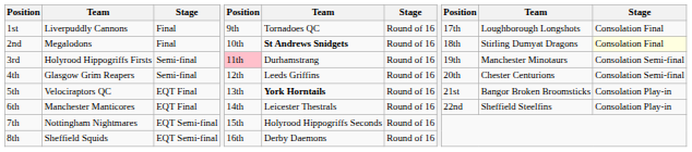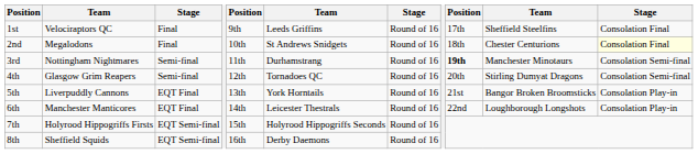 <table class="wikitable" style="font-size:90%;border: none;">
 <tr>
 <th>Position</th>
 <th>Team</th>
 <th>Stage</th>
 <th rowspan="9" style="border: none;"></th>
 <th>Position</th>
 <th>Team</th>
 <th>Stage</th>
 <th rowspan="9" style="border: none;"></th>
 <th>Position</th>
 <th>Team</th>
 <th>Stage</th>
 </tr>
 <tr>
 <td>1st</td>
-<td>Liverpuddly Cannons</td>
+<td>Velociraptors QC</td>
 <td>Final</td>
 <td>9th</td>
-<td>Tornadoes QC</td>
+<td>Leeds Griffins</td>
 <td>Round of 16</td>
 <td>17th</td>
-<td>Loughborough Longshots</td>
+<td>Sheffield Steelfins</td>
 <td>Consolation Final</td>
 </tr>
 <tr>
 <td>2nd</td>
 <td>Megalodons</td>
 <td>Final</td>
 <td>10th</td>
-<td><strong>St Andrews Snidgets</strong></td>
+<td>St Andrews Snidgets</td>
 <td>Round of 16</td>
 <td>18th</td>
-<td>Stirling Dumyat Dragons</td>
+<td>Chester Centurions</td>
 <td style="background: lightyellow;">Consolation Final</td>
 </tr>
 <tr>
 <td>3rd</td>
-<td>Holyrood Hippogriffs Firsts</td>
+<td>Nottingham Nightmares</td>
 <td>Semi-final</td>
-<td style="background: pink;">11th</td>
+<td>11th</td>
 <td>Durhamstrang</td>
 <td>Round of 16</td>
-<td>19th</td>
+<td><strong>19th</strong></td>
 <td>Manchester Minotaurs</td>
 <td>Consolation Semi-final</td>
 </tr>
 <tr>
 <td>4th</td>
 <td>Glasgow Grim Reapers</td>
 <td>Semi-final</td>
 <td>12th</td>
-<td>Leeds Griffins</td>
+<td>Tornadoes QC</td>
 <td>Round of 16</td>
 <td>20th</td>
-<td>Chester Centurions</td>
+<td>Stirling Dumyat Dragons</td>
 <td>Consolation Semi-final</td>
 </tr>
 <tr>
 <td>5th</td>
-<td>Velociraptors QC</td>
+<td>Liverpuddly Cannons</td>
 <td>EQT Final</td>
 <td>13th</td>
-<td><strong>York Horntails</strong></td>
+<td>York Horntails</td>
 <td>Round of 16</td>
 <td>21st</td>
 <td>Bangor Broken Broomsticks</td>
 <td>Consolation  Play-in</td>
 </tr>
 <tr>
 <td>6th</td>
 <td>Manchester Manticores</td>
 <td>EQT Final</td>
 <td>14th</td>
 <td>Leicester Thestrals</td>
 <td>Round of 16</td>
 <td>22nd</td>
-<td>Sheffield Steelfins</td>
+<td>Loughborough Longshots</td>
 <td>Consolation  Play-in</td>
 </tr>
 <tr>
 <td>7th</td>
-<td>Nottingham Nightmares</td>
+<td>Holyrood Hippogriffs Firsts</td>
 <td>EQT Semi-final</td>
 <td>15th</td>
 <td>Holyrood Hippogriffs Seconds</td>
 <td>Round of 16</td>
 <td colspan="3" rowspan="2"></td>
 </tr>
 <tr>
 <td>8th</td>
 <td>Sheffield Squids</td>
 <td>EQT Semi-final</td>
 <td>16th</td>
 <td>Derby Daemons</td>
 <td>Round of 16</td>
 </tr>
 </table>
